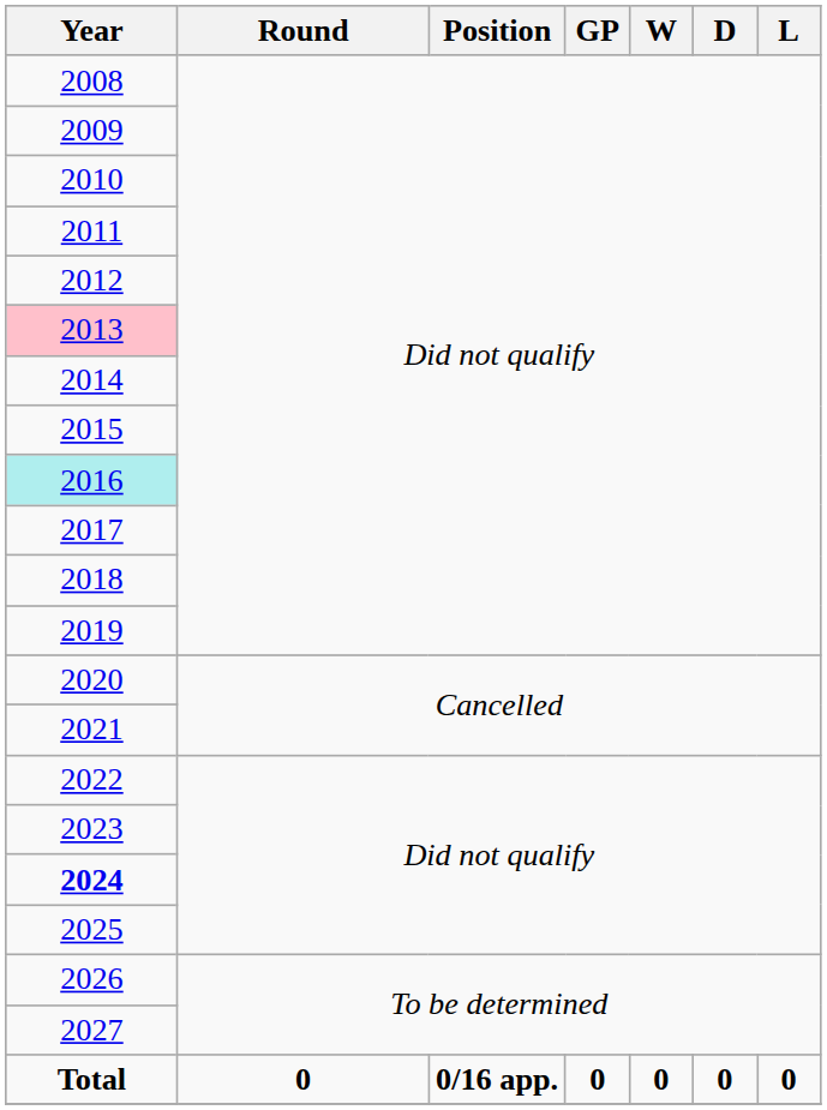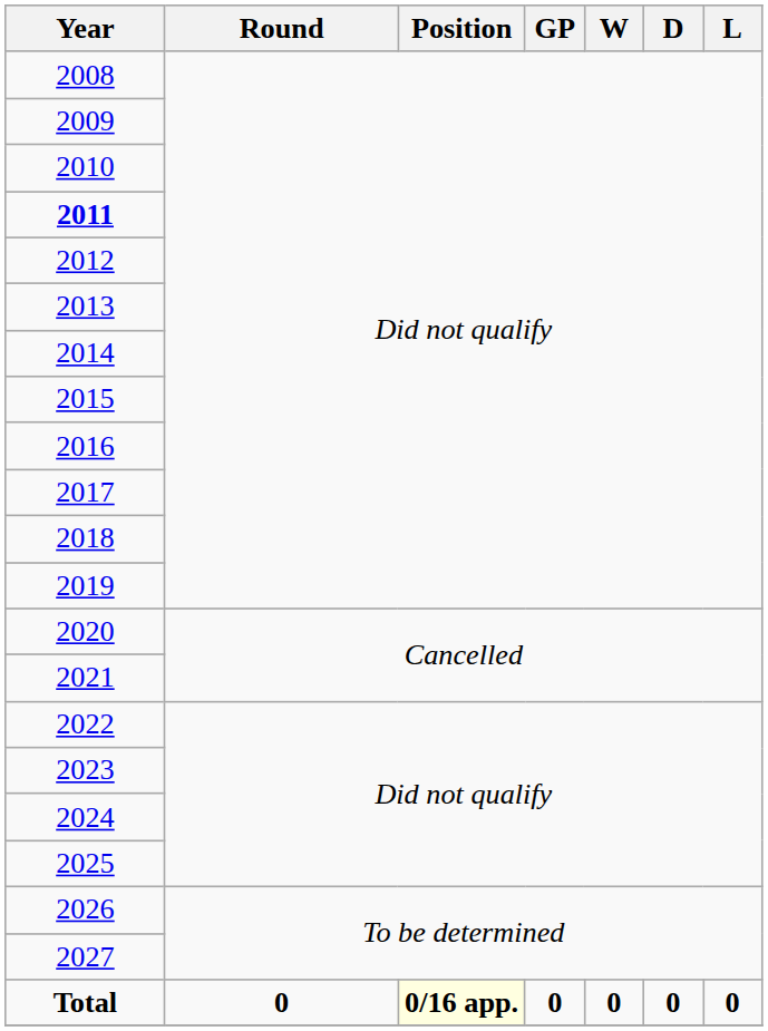 <table class="wikitable" style="text-align: center;">
 <tr>
 <th width=80>Year</th>
 <th width=120>Round</th>
 <th>Position</th>
 <th width=25>GP</th>
 <th width=25>W</th>
 <th width=25>D</th>
 <th width=25>L</th>
 </tr>
 <tr>
 <td> <a href='#'>2008</a></td>
 <td colspan=6 rowspan=12><em>Did not qualify</em></td>
 </tr>
 <tr>
 <td> <a href='#'>2009</a></td>
 </tr>
 <tr>
 <td> <a href='#'>2010</a></td>
 </tr>
 <tr>
-<td> <a href='#'>2011</a></td>
+<td><strong> <a href='#'>2011</a></strong></td>
 </tr>
 <tr>
 <td> <a href='#'>2012</a></td>
 </tr>
 <tr>
-<td style="background: pink;"> <a href='#'>2013</a></td>
+<td> <a href='#'>2013</a></td>
 </tr>
 <tr>
 <td> <a href='#'>2014</a></td>
 </tr>
 <tr>
 <td> <a href='#'>2015</a></td>
 </tr>
 <tr>
-<td style="background: paleturquoise;"> <a href='#'>2016</a></td>
+<td> <a href='#'>2016</a></td>
 </tr>
 <tr>
 <td> <a href='#'>2017</a></td>
 </tr>
 <tr>
 <td> <a href='#'>2018</a></td>
 </tr>
 <tr>
 <td> <a href='#'>2019</a></td>
 </tr>
 <tr>
 <td> <a href='#'>2020</a></td>
 <td colspan=6 rowspan=2><em>Cancelled</em></td>
 </tr>
 <tr>
 <td> <a href='#'>2021</a></td>
 </tr>
 <tr>
 <td> <a href='#'>2022</a></td>
 <td colspan=6 rowspan=4><em>Did not qualify</em></td>
 </tr>
 <tr>
 <td> <a href='#'>2023</a></td>
 </tr>
 <tr>
-<td><strong> <a href='#'>2024</a></strong></td>
+<td> <a href='#'>2024</a></td>
 </tr>
 <tr>
 <td> <a href='#'>2025</a></td>
 </tr>
 <tr>
 <td> <a href='#'>2026</a></td>
 <td colspan=8 rowspan=2><em>To be determined</em></td>
 </tr>
 <tr>
 <td> <a href='#'>2027</a></td>
 </tr>
 <tr>
 <td><strong>Total</strong></td>
 <td><strong>0</strong></td>
-<td><strong>0/16 app.</strong></td>
+<td style="background: lightyellow;"><strong>0/16 app.</strong></td>
 <td><strong>0</strong></td>
 <td><strong>0</strong></td>
 <td><strong>0</strong></td>
 <td><strong>0</strong></td>
 </tr>
 <tr>
 </tr>
 </table>
